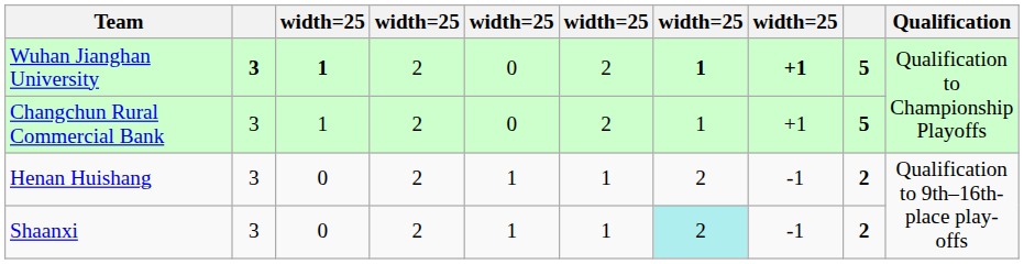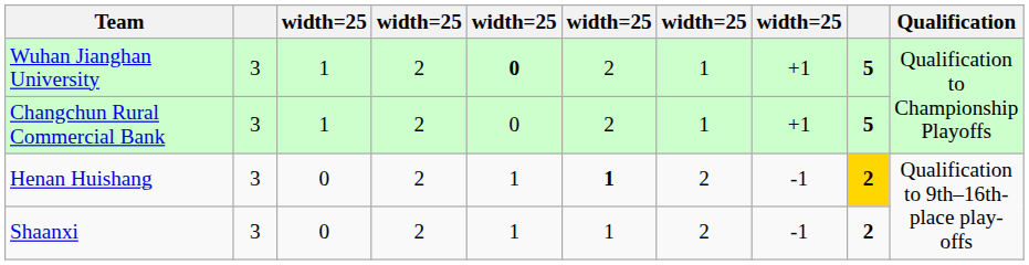 <table class="wikitable" style="text-align: center;">
 <tr>
 <th style="width:165px;">Team</th>
 <th width=25></th>
 <th>width=25</th>
 <th>width=25</th>
 <th>width=25</th>
 <th>width=25</th>
 <th>width=25</th>
 <th>width=25</th>
 <th width=25></th>
 <th width=50>Qualification</th>
 </tr>
 <tr style="background:#cfc;">
 <td align="left"><a href='#'>Wuhan Jianghan University</a></td>
-<td><strong>3</strong></td>
-<td><strong>1</strong></td>
+<td>3</td>
+<td>1</td>
 <td>2</td>
-<td>0</td>
+<td><strong>0</strong></td>
 <td>2</td>
-<td><strong>1</strong></td>
-<td><strong>+1</strong></td>
+<td>1</td>
+<td>+1</td>
 <td><strong>5</strong></td>
 <td rowspan=2 align="center">Qualification to Championship Playoffs</td>
 </tr>
 <tr style="background:#cfc;">
 <td align="left"><a href='#'>Changchun Rural Commercial Bank</a></td>
 <td>3</td>
 <td>1</td>
 <td>2</td>
 <td>0</td>
 <td>2</td>
 <td>1</td>
 <td>+1</td>
 <td><strong>5</strong></td>
 </tr>
 <tr>
 <td align="left"><a href='#'>Henan Huishang</a></td>
 <td>3</td>
 <td>0</td>
 <td>2</td>
 <td>1</td>
-<td>1</td>
+<td><strong>1</strong></td>
 <td>2</td>
 <td>-1</td>
-<td><strong>2</strong></td>
+<td style="background: gold;"><strong>2</strong></td>
 <td rowspan=2 align="center">Qualification to 9th–16th-place play-offs</td>
 </tr>
 <tr>
 <td align="left"><a href='#'>Shaanxi</a></td>
 <td>3</td>
 <td>0</td>
 <td>2</td>
 <td>1</td>
 <td>1</td>
-<td style="background: paleturquoise;">2</td>
+<td>2</td>
 <td>-1</td>
 <td><strong>2</strong></td>
 </tr>
 </table>
